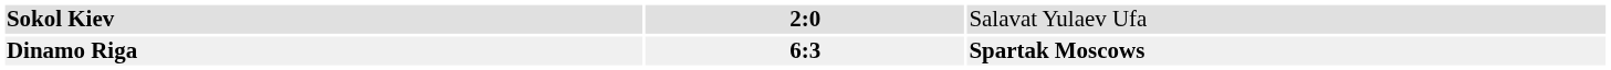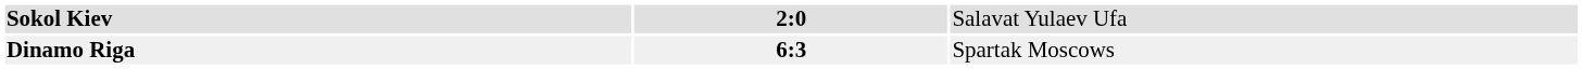 <table width="70%">
 <tr bgcolor="#e0e0e0">
 <td style="width:40%;"><strong>Sokol Kiev</strong></td>
 <th style="width:20%;"><strong>2:0</strong></th>
 <td style="width:40%;">Salavat Yulaev Ufa</td>
 </tr>
 <tr bgcolor="#f0f0f0">
 <td><strong>Dinamo Riga</strong></td>
 <td align="center"><strong>6:3</strong></td>
-<td><strong>Spartak Moscows</strong></td>
+<td>Spartak Moscows</td>
 </tr>
 </table>
